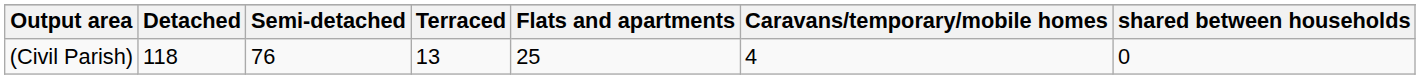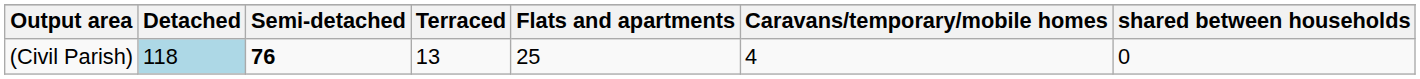 <table class="wikitable">
 <tr>
 </tr>
 <tr>
 <th>Output area</th>
 <th>Detached</th>
 <th>Semi-detached</th>
 <th>Terraced</th>
 <th>Flats and apartments</th>
 <th>Caravans/temporary/mobile homes</th>
 <th>shared between households</th>
 </tr>
 <tr>
 <td>(Civil Parish)</td>
-<td>118</td>
-<td>76</td>
+<td style="background: lightblue;">118</td>
+<td><strong>76</strong></td>
 <td>13</td>
 <td>25</td>
 <td>4</td>
 <td>0</td>
 </tr>
 </table>
